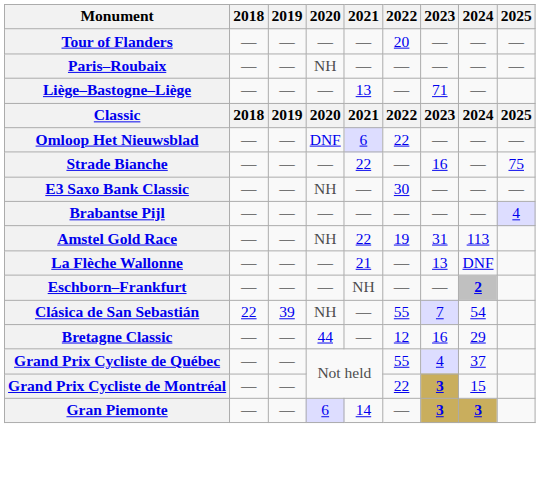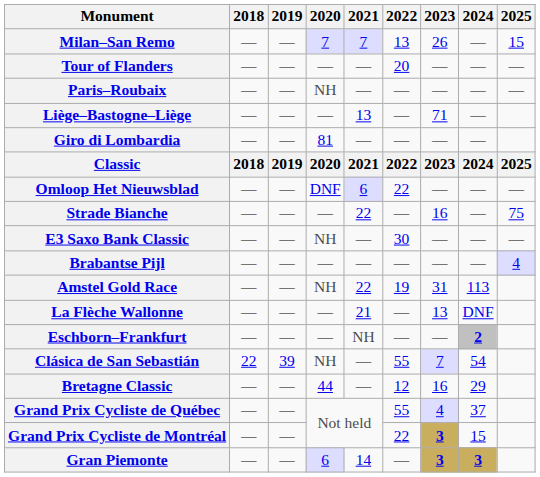 <table class="wikitable plainrowheaders">
 <tr>
 <th>Monument</th>
 <th scope="col">2018</th>
 <th scope="col">2019</th>
 <th scope="col">2020</th>
 <th scope="col">2021</th>
 <th scope="col">2022</th>
 <th scope="col">2023</th>
 <th scope="col">2024</th>
 <th scope="col">2025</th>
+</tr>
+<tr style="text-align:center;">
+<th scope="row"><a href='#'>Milan–San Remo</a></th>
+<td>—</td>
+<td>—</td>
+<td style="background:#ddf;"><a href='#'>7</a></td>
+<td style="background:#ddf;"><a href='#'>7</a></td>
+<td><a href='#'>13</a></td>
+<td><a href='#'>26</a></td>
+<td>—</td>
+<td><a href='#'>15</a></td>
 </tr>
 <tr style="text-align:center;">
 <th scope="row"><a href='#'>Tour of Flanders</a></th>
 <td>—</td>
 <td>—</td>
 <td>—</td>
 <td>—</td>
 <td><a href='#'>20</a></td>
 <td>—</td>
 <td>—</td>
 <td>—</td>
 </tr>
 <tr style="text-align:center;">
 <th scope="row"><a href='#'>Paris–Roubaix</a></th>
 <td>—</td>
 <td>—</td>
 <td style="color:#4d4d4d;">NH</td>
 <td>—</td>
 <td>—</td>
 <td>—</td>
 <td>—</td>
 <td>—</td>
 </tr>
 <tr style="text-align:center;">
 <th scope="row"><a href='#'>Liège–Bastogne–Liège</a></th>
 <td>—</td>
 <td>—</td>
 <td>—</td>
 <td><a href='#'>13</a></td>
 <td>—</td>
 <td><a href='#'>71</a></td>
+<td>—</td>
+<td></td>
+</tr>
+<tr style="text-align:center;">
+<th scope="row"><a href='#'>Giro di Lombardia</a></th>
+<td>—</td>
+<td>—</td>
+<td><a href='#'>81</a></td>
+<td>—</td>
+<td>—</td>
+<td>—</td>
 <td>—</td>
 <td></td>
 </tr>
 <tr>
 <th><a href='#'>Classic</a></th>
 <th scope="col">2018</th>
 <th scope="col">2019</th>
 <th scope="col">2020</th>
 <th scope="col">2021</th>
 <th scope="col">2022</th>
 <th scope="col">2023</th>
 <th scope="col">2024</th>
 <th scope="col">2025</th>
 </tr>
 <tr style="text-align:center;">
 <th scope="row"><a href='#'>Omloop Het Nieuwsblad</a></th>
 <td>—</td>
 <td>—</td>
 <td><a href='#'>DNF</a></td>
 <td style="background:#ddf;"><a href='#'>6</a></td>
 <td><a href='#'>22</a></td>
 <td>—</td>
 <td>—</td>
 <td>—</td>
 </tr>
 <tr style="text-align:center;">
 <th scope="row"><a href='#'>Strade Bianche</a></th>
 <td>—</td>
 <td>—</td>
 <td>—</td>
 <td><a href='#'>22</a></td>
 <td>—</td>
 <td><a href='#'>16</a></td>
 <td>—</td>
 <td><a href='#'>75</a></td>
 </tr>
 <tr style="text-align:center;">
 <th scope="row"><a href='#'>E3 Saxo Bank Classic</a></th>
 <td>—</td>
 <td>—</td>
 <td style="color:#4d4d4d;">NH</td>
 <td>—</td>
 <td><a href='#'>30</a></td>
 <td>—</td>
 <td>—</td>
 <td>—</td>
 </tr>
 <tr style="text-align:center;">
 <th scope="row"><a href='#'>Brabantse Pijl</a></th>
 <td>—</td>
 <td>—</td>
 <td>—</td>
 <td>—</td>
 <td>—</td>
 <td>—</td>
 <td>—</td>
 <td style="background:#ddf;"><a href='#'>4</a></td>
 </tr>
 <tr style="text-align:center;">
 <th scope="row"><a href='#'>Amstel Gold Race</a></th>
 <td>—</td>
 <td>—</td>
 <td style="color:#4d4d4d;">NH</td>
 <td><a href='#'>22</a></td>
 <td><a href='#'>19</a></td>
 <td><a href='#'>31</a></td>
 <td><a href='#'>113</a></td>
 <td></td>
 </tr>
 <tr style="text-align:center;">
 <th scope="row"><a href='#'>La Flèche Wallonne</a></th>
 <td>—</td>
 <td>—</td>
 <td>—</td>
 <td><a href='#'>21</a></td>
 <td>—</td>
 <td><a href='#'>13</a></td>
 <td><a href='#'>DNF</a></td>
 <td></td>
 </tr>
 <tr style="text-align:center;">
 <th scope="row"><a href='#'>Eschborn–Frankfurt</a></th>
 <td>—</td>
 <td>—</td>
 <td>—</td>
 <td style="color:#4d4d4d;">NH</td>
 <td>—</td>
 <td>—</td>
 <td style="background:silver;"><a href='#'><strong>2</strong></a></td>
 <td></td>
 </tr>
 <tr style="text-align:center;">
 <th scope="row"><a href='#'>Clásica de San Sebastián</a></th>
 <td><a href='#'>22</a></td>
 <td><a href='#'>39</a></td>
 <td style="color:#4d4d4d;">NH</td>
 <td>—</td>
 <td><a href='#'>55</a></td>
 <td style="background:#ddf;"><a href='#'>7</a></td>
 <td><a href='#'>54</a></td>
 <td></td>
 </tr>
 <tr style="text-align:center;">
 <th scope="row"><a href='#'>Bretagne Classic</a></th>
 <td>—</td>
 <td>—</td>
 <td><a href='#'>44</a></td>
 <td>—</td>
 <td><a href='#'>12</a></td>
 <td><a href='#'>16</a></td>
 <td><a href='#'>29</a></td>
 <td></td>
 </tr>
 <tr style="text-align:center;">
 <th scope="row"><a href='#'>Grand Prix Cycliste de Québec</a></th>
 <td>—</td>
 <td>—</td>
 <td style="color:#4d4d4d;" rowspan=2 colspan=2>Not held</td>
 <td><a href='#'>55</a></td>
 <td style="background:#ddf;"><a href='#'>4</a></td>
 <td><a href='#'>37</a></td>
 <td></td>
 </tr>
 <tr style="text-align:center;">
 <th scope="row"><a href='#'>Grand Prix Cycliste de Montréal</a></th>
 <td>—</td>
 <td>—</td>
 <td><a href='#'>22</a></td>
 <td style="background:#C9AE5D;"><a href='#'><strong>3</strong></a></td>
 <td><a href='#'>15</a></td>
 <td></td>
 </tr>
 <tr style="text-align:center;">
 <th scope="row"><a href='#'>Gran Piemonte</a></th>
 <td>—</td>
 <td>—</td>
 <td style="background:#ddf;"><a href='#'>6</a></td>
 <td><a href='#'>14</a></td>
 <td>—</td>
 <td style="background:#C9AE5D;"><a href='#'><strong>3</strong></a></td>
 <td style="background:#C9AE5D;"><a href='#'><strong>3</strong></a></td>
 <td></td>
 </tr>
 </table>
